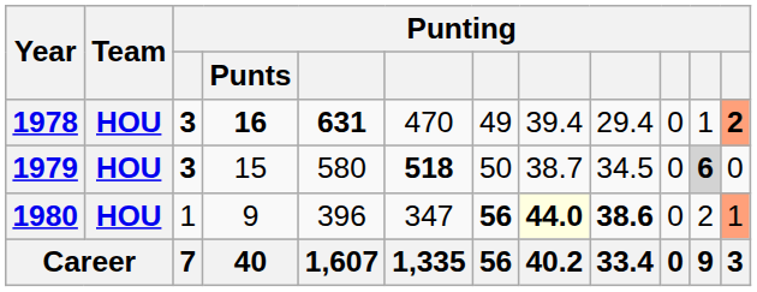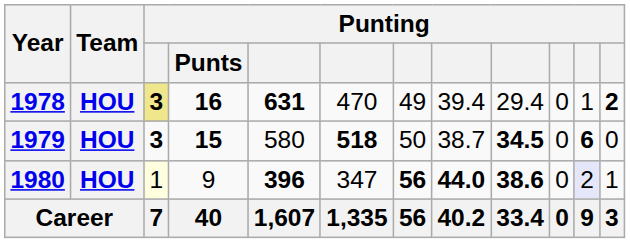 <table class=wikitable style="text-align:center;">
 <tr>
 <th rowspan="2">Year</th>
 <th rowspan="2">Team</th>
 <th colspan="10">Punting</th>
 </tr>
 <tr>
 <th></th>
 <th>Punts</th>
 <th></th>
 <th></th>
 <th></th>
 <th></th>
 <th></th>
 <th></th>
 <th></th>
 <th></th>
 </tr>
 <tr>
 <th><a href='#'>1978</a></th>
 <th><a href='#'>HOU</a></th>
-<td><strong>3</strong></td>
+<td style="background: khaki;"><strong>3</strong></td>
 <td><strong>16</strong></td>
 <td><strong>631</strong></td>
 <td>470</td>
 <td>49</td>
 <td>39.4</td>
 <td>29.4</td>
 <td>0</td>
 <td>1</td>
-<td style="background: lightsalmon;"><strong>2</strong></td>
+<td><strong>2</strong></td>
 </tr>
 <tr>
 <th><a href='#'>1979</a></th>
 <th><a href='#'>HOU</a></th>
 <td><strong>3</strong></td>
-<td>15</td>
+<td><strong>15</strong></td>
 <td>580</td>
 <td><strong>518</strong></td>
 <td>50</td>
 <td>38.7</td>
-<td>34.5</td>
+<td><strong>34.5</strong></td>
 <td>0</td>
-<td style="background: lightgrey;"><strong>6</strong></td>
+<td><strong>6</strong></td>
 <td>0</td>
 </tr>
 <tr>
 <th><a href='#'>1980</a></th>
 <th><a href='#'>HOU</a></th>
-<td>1</td>
+<td style="background: lightyellow;">1</td>
 <td>9</td>
-<td>396</td>
+<td><strong>396</strong></td>
 <td>347</td>
 <td><strong>56</strong></td>
-<td style="background: lightyellow;"><strong>44.0</strong></td>
+<td><strong>44.0</strong></td>
 <td><strong>38.6</strong></td>
 <td>0</td>
-<td>2</td>
-<td style="background: lightsalmon;">1</td>
+<td style="background: lavender;">2</td>
+<td>1</td>
 </tr>
 <tr>
 <th colspan="2">Career</th>
 <th>7</th>
 <th>40</th>
 <th>1,607</th>
 <th>1,335</th>
 <th>56</th>
 <th>40.2</th>
 <th>33.4</th>
 <th>0</th>
 <th>9</th>
 <th>3</th>
 </tr>
 </table>
